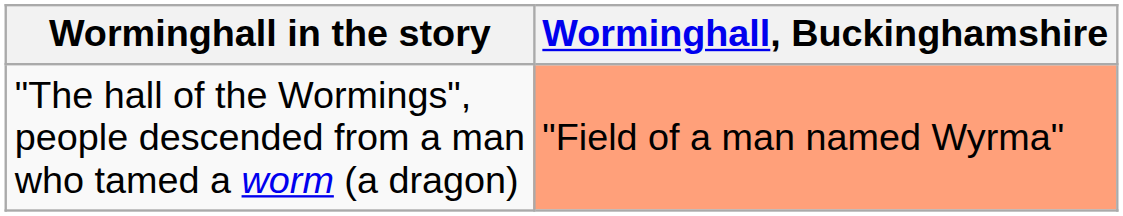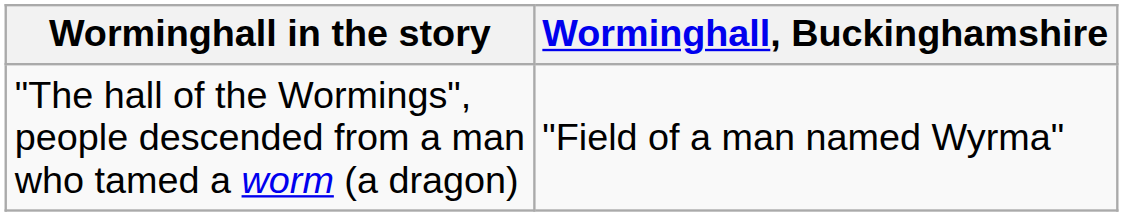 <table class="wikitable" style="margin:1em auto;">
 <tr>
 <th>Worminghall in the story</th>
 <th><a href='#'>Worminghall</a>, Buckinghamshire</th>
 </tr>
 <tr>
 <td>"The hall of the Wormings",<br>people descended from a man<br>who tamed a <em><a href='#'>worm</a></em> (a dragon)</td>
-<td style="background: lightsalmon;">"Field of a man named Wyrma"</td>
+<td>"Field of a man named Wyrma"</td>
 </tr>
 </table>
